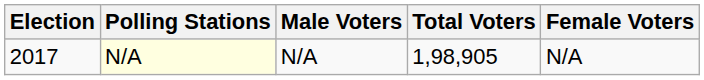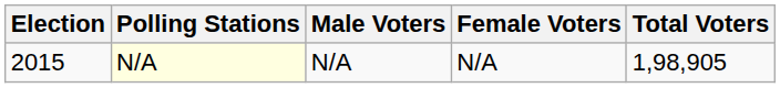 <table class="wikitable">
 <tr>
 <th>Election</th>
 <th>Polling Stations</th>
 <th>Male Voters</th>
+<th>Female Voters</th>
 <th>Total Voters</th>
-<th>Female Voters</th>
 </tr>
 <tr>
-<td>2017</td>
+<td>2015</td>
 <td style="background: lightyellow;">N/A</td>
 <td>N/A</td>
+<td>N/A</td>
 <td>1,98,905</td>
-<td>N/A</td>
 </tr>
 </table>
